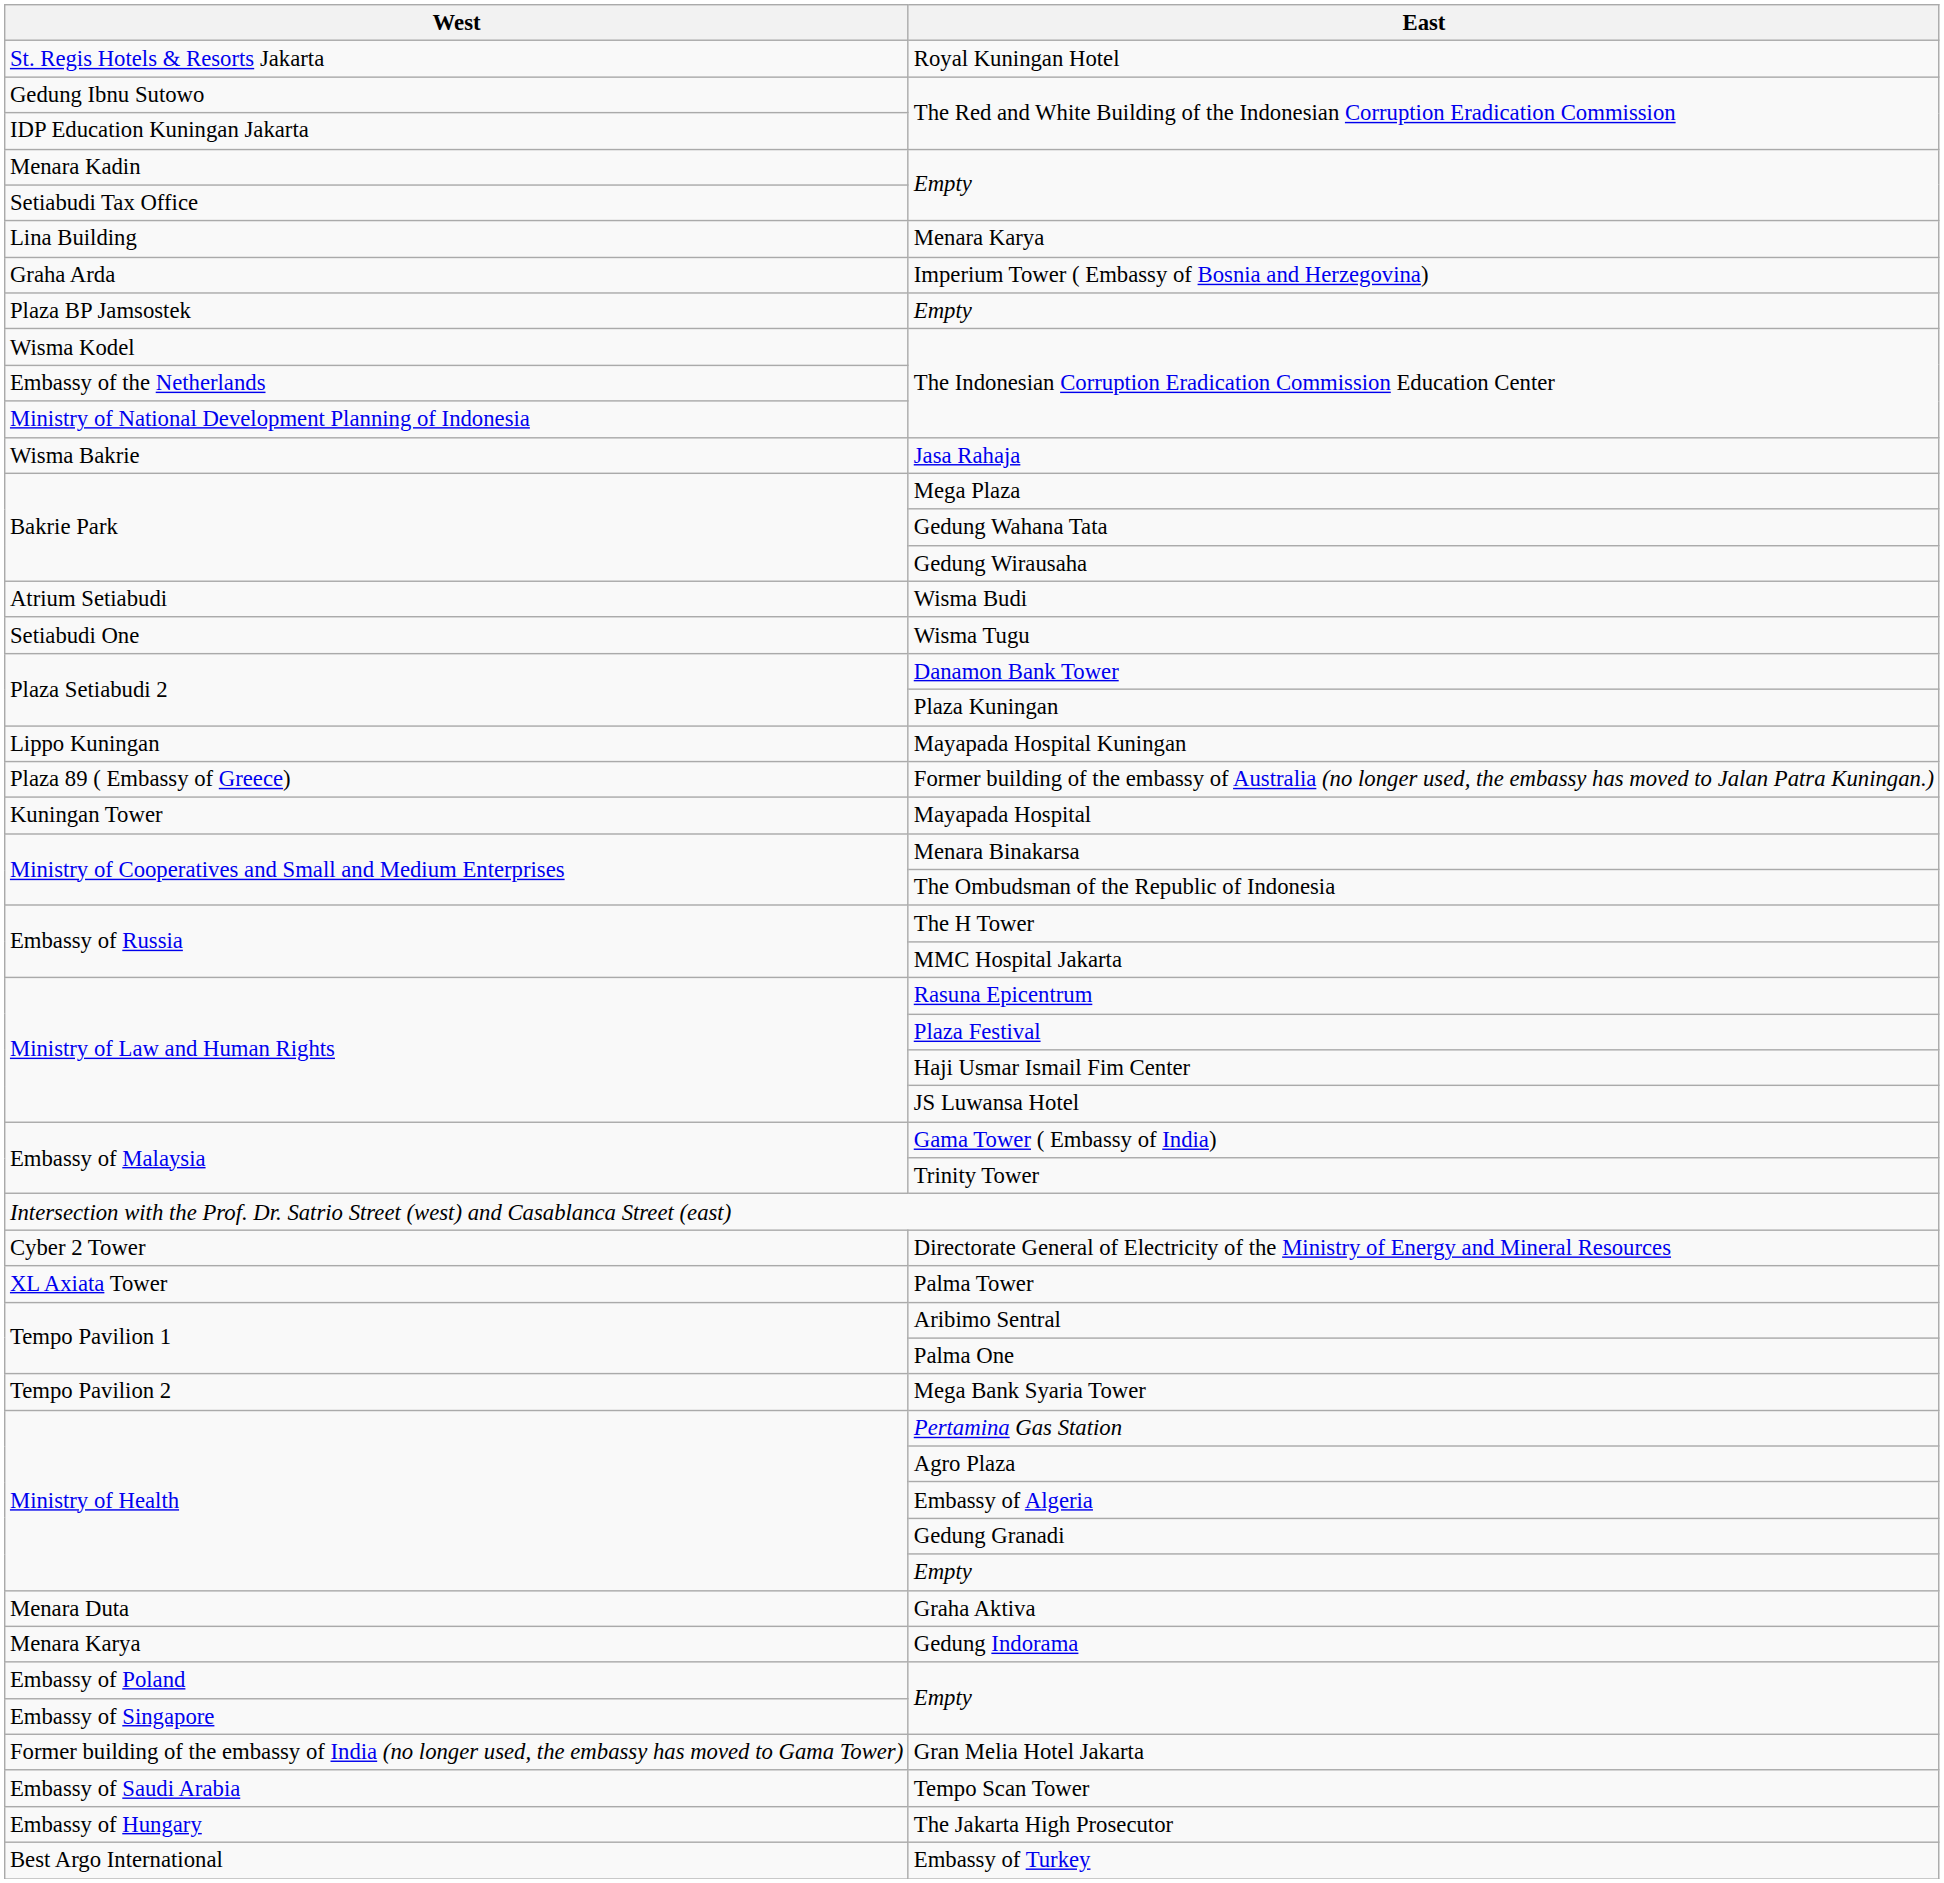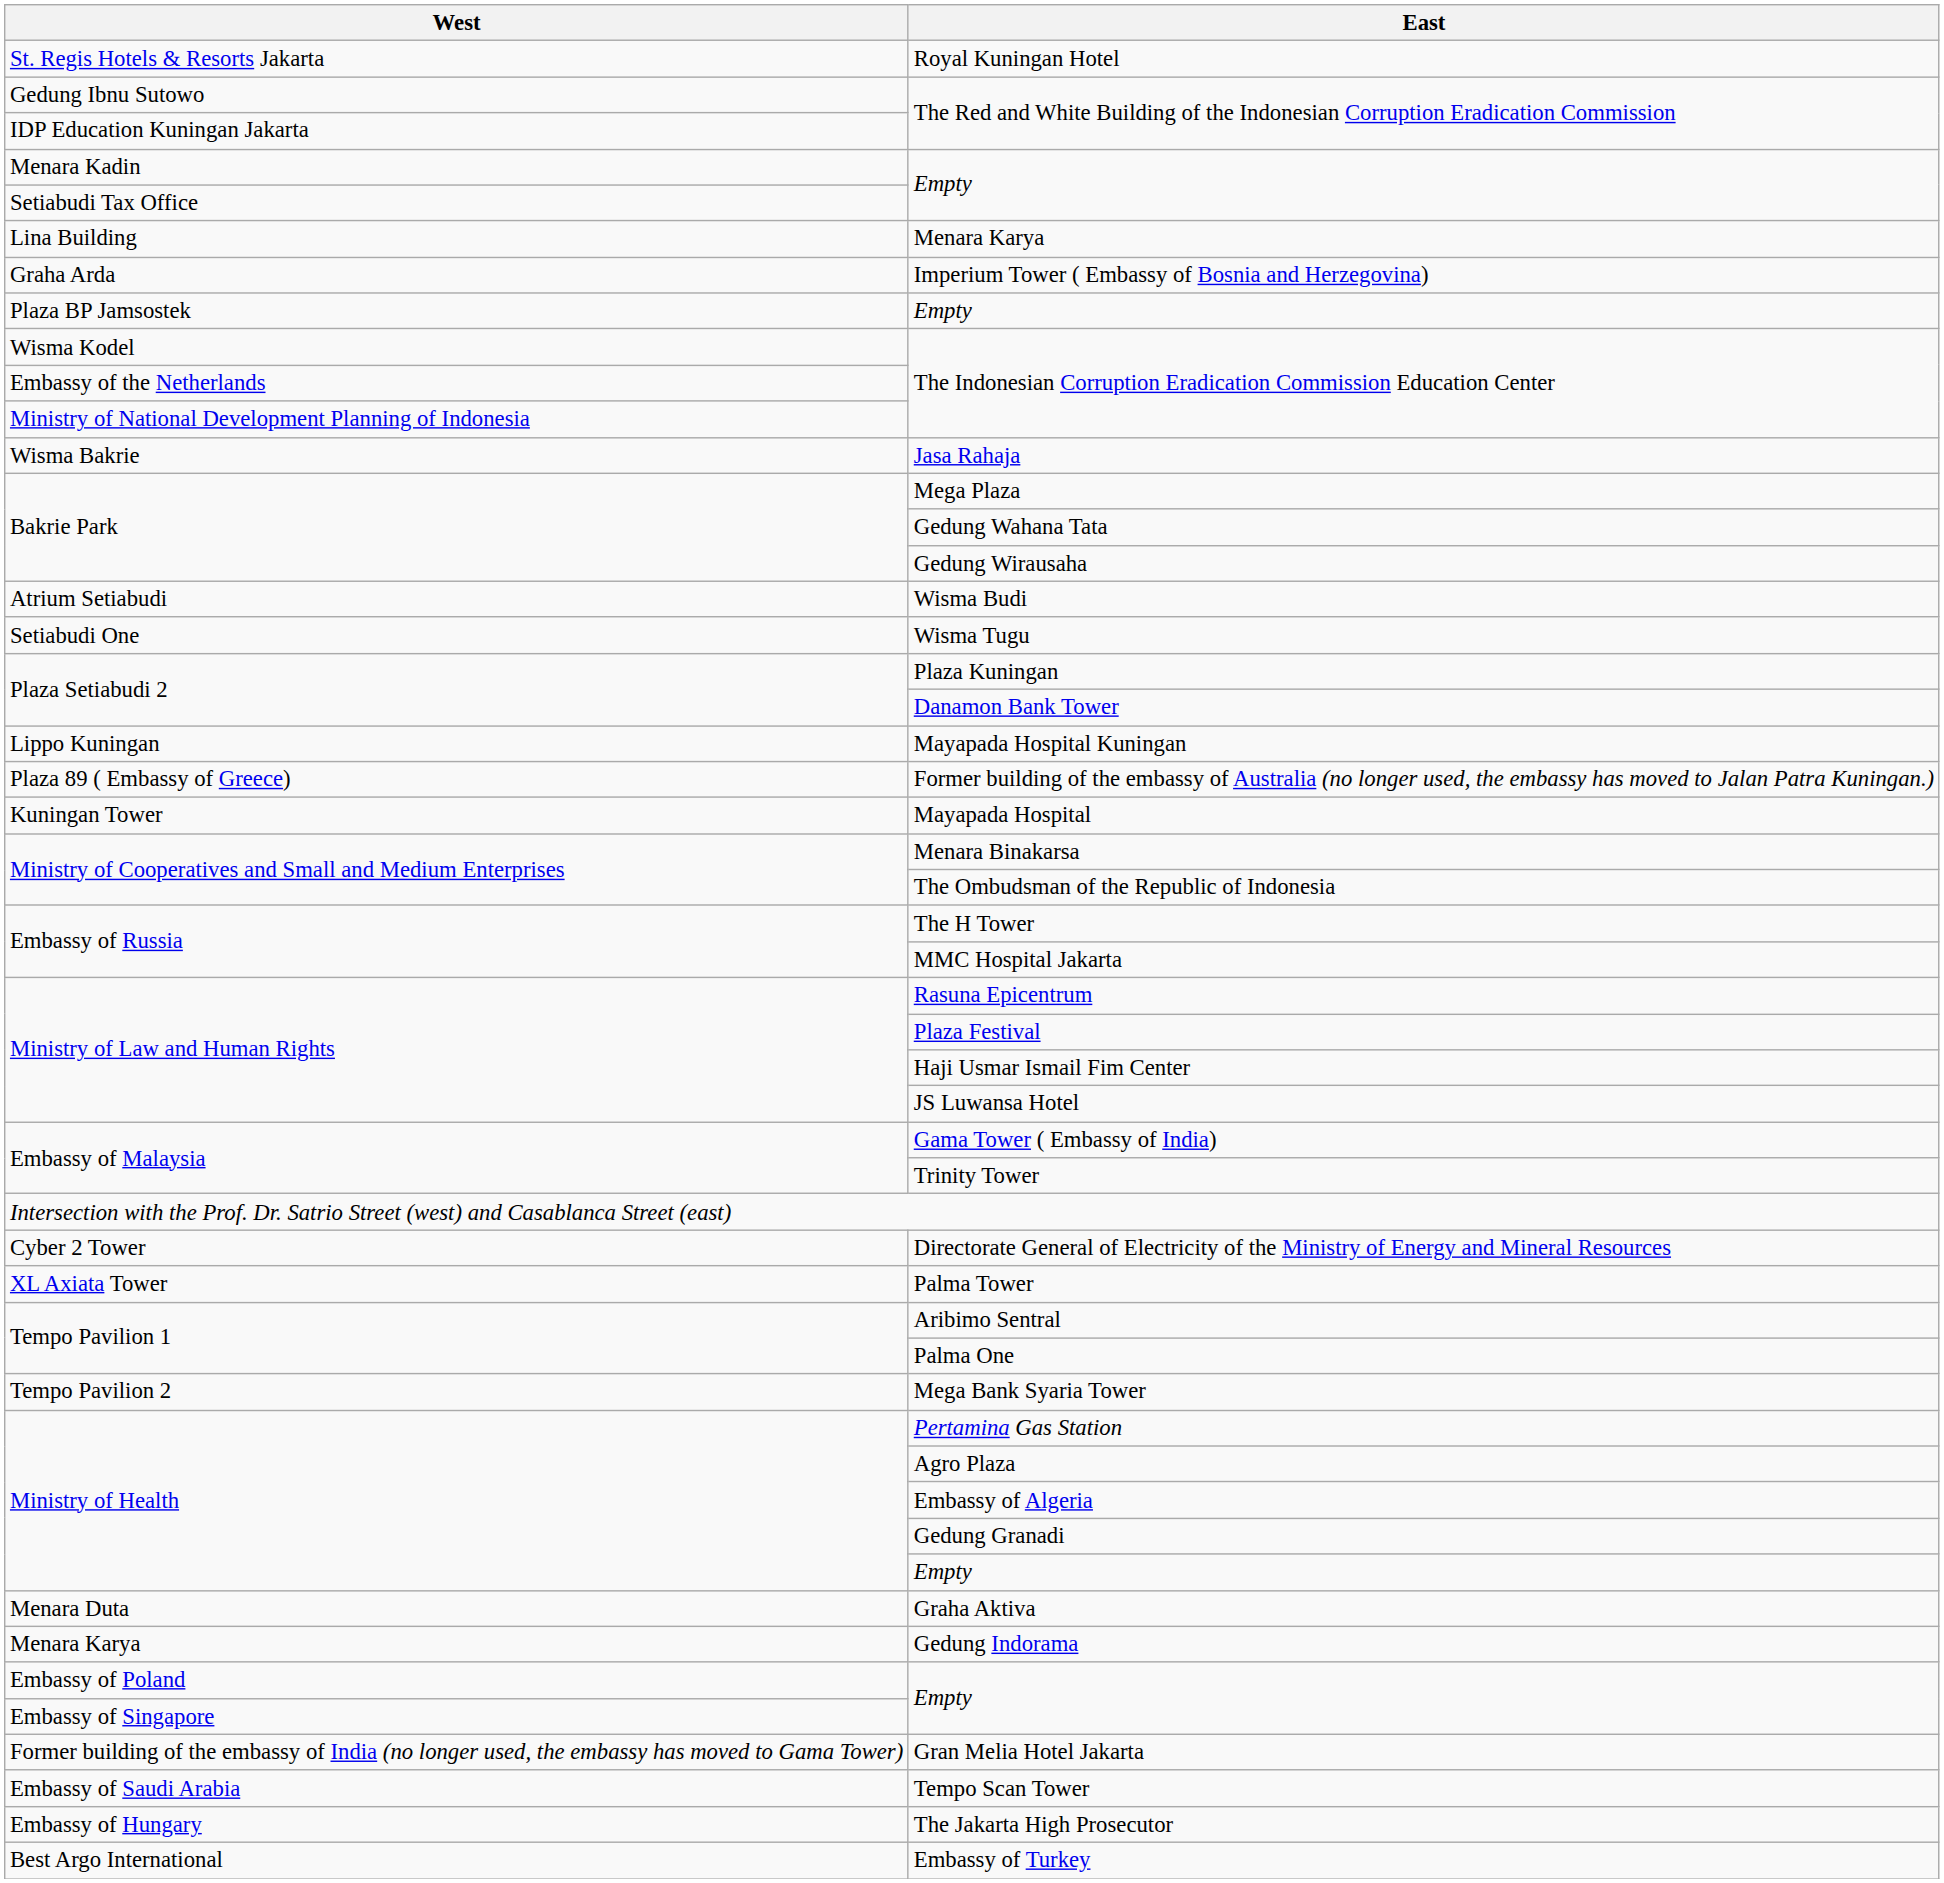 <table class="wikitable">
 <tr>
 <th>West</th>
 <th>East</th>
 </tr>
 <tr>
 <td><a href='#'>St. Regis Hotels & Resorts</a> Jakarta</td>
 <td>Royal Kuningan Hotel</td>
 </tr>
 <tr>
 <td>Gedung Ibnu Sutowo</td>
 <td rowspan="2">The Red and White Building of the Indonesian <a href='#'>Corruption Eradication Commission</a></td>
 </tr>
 <tr>
 <td>IDP Education Kuningan Jakarta</td>
 </tr>
 <tr>
 <td>Menara Kadin</td>
 <td rowspan="2"><em>Empty</em></td>
 </tr>
 <tr>
 <td>Setiabudi Tax Office</td>
 </tr>
 <tr>
 <td>Lina Building</td>
 <td>Menara Karya</td>
 </tr>
 <tr>
 <td>Graha Arda</td>
 <td>Imperium Tower ( Embassy of <a href='#'>Bosnia and Herzegovina</a>)</td>
 </tr>
 <tr>
 <td>Plaza BP Jamsostek</td>
 <td><em>Empty</em></td>
 </tr>
 <tr>
 <td>Wisma Kodel</td>
 <td rowspan="3">The Indonesian <a href='#'>Corruption Eradication Commission</a> Education Center</td>
 </tr>
 <tr>
 <td> Embassy of the <a href='#'>Netherlands</a></td>
 </tr>
 <tr>
 <td><a href='#'>Ministry of National Development Planning of Indonesia</a></td>
 </tr>
 <tr>
 <td>Wisma Bakrie</td>
 <td><a href='#'>Jasa Rahaja</a></td>
 </tr>
 <tr>
 <td rowspan="3">Bakrie Park</td>
 <td>Mega Plaza</td>
 </tr>
 <tr>
 <td>Gedung Wahana Tata</td>
 </tr>
 <tr>
 <td>Gedung Wirausaha</td>
 </tr>
 <tr>
 <td>Atrium Setiabudi</td>
 <td>Wisma Budi</td>
 </tr>
 <tr>
 <td>Setiabudi One</td>
 <td>Wisma Tugu</td>
 </tr>
 <tr>
 <td rowspan="2">Plaza Setiabudi 2</td>
-<td><a href='#'>Danamon Bank Tower</a></td>
+<td>Plaza Kuningan</td>
 </tr>
 <tr>
-<td>Plaza Kuningan</td>
+<td><a href='#'>Danamon Bank Tower</a></td>
 </tr>
 <tr>
 <td>Lippo Kuningan</td>
 <td>Mayapada Hospital Kuningan</td>
 </tr>
 <tr>
 <td>Plaza 89 ( Embassy of <a href='#'>Greece</a>)</td>
 <td> Former building of the embassy of <a href='#'>Australia</a> <em>(no longer used, the embassy has moved to Jalan Patra Kuningan.)</em></td>
 </tr>
 <tr>
 <td>Kuningan Tower</td>
 <td>Mayapada Hospital</td>
 </tr>
 <tr>
 <td rowspan="2"><a href='#'>Ministry of Cooperatives and Small and Medium Enterprises</a></td>
 <td>Menara Binakarsa</td>
 </tr>
 <tr>
 <td>The Ombudsman of the Republic of Indonesia</td>
 </tr>
 <tr>
 <td rowspan="2"> Embassy of <a href='#'>Russia</a></td>
 <td>The H Tower</td>
 </tr>
 <tr>
 <td>MMC Hospital Jakarta</td>
 </tr>
 <tr>
 <td rowspan="4"><a href='#'>Ministry of Law and Human Rights</a></td>
 <td><a href='#'>Rasuna Epicentrum</a></td>
 </tr>
 <tr>
 <td><a href='#'>Plaza Festival</a></td>
 </tr>
 <tr>
 <td>Haji Usmar Ismail Fim Center</td>
 </tr>
 <tr>
 <td>JS Luwansa Hotel</td>
 </tr>
 <tr>
 <td rowspan="2"> Embassy of <a href='#'>Malaysia</a></td>
 <td><a href='#'>Gama Tower</a> ( Embassy of <a href='#'>India</a>)</td>
 </tr>
 <tr>
 <td>Trinity Tower</td>
 </tr>
 <tr>
 <td colspan="2"><em>Intersection with the Prof. Dr. Satrio Street (west) and Casablanca Street (east)</em></td>
 </tr>
 <tr>
 <td>Cyber 2 Tower</td>
 <td>Directorate General of Electricity of the <a href='#'>Ministry of Energy and Mineral Resources</a></td>
 </tr>
 <tr>
 <td><a href='#'>XL Axiata</a> Tower</td>
 <td>Palma Tower</td>
 </tr>
 <tr>
 <td rowspan="2">Tempo Pavilion 1</td>
 <td>Aribimo Sentral</td>
 </tr>
 <tr>
 <td>Palma One</td>
 </tr>
 <tr>
 <td>Tempo Pavilion 2</td>
 <td>Mega Bank Syaria Tower</td>
 </tr>
 <tr>
 <td rowspan="5"><a href='#'>Ministry of Health</a></td>
 <td><em><a href='#'>Pertamina</a> Gas Station</em></td>
 </tr>
 <tr>
 <td>Agro Plaza</td>
 </tr>
 <tr>
 <td> Embassy of <a href='#'>Algeria</a></td>
 </tr>
 <tr>
 <td>Gedung Granadi</td>
 </tr>
 <tr>
 <td><em>Empty</em></td>
 </tr>
 <tr>
 <td>Menara Duta</td>
 <td>Graha Aktiva</td>
 </tr>
 <tr>
 <td>Menara Karya</td>
 <td>Gedung <a href='#'>Indorama</a></td>
 </tr>
 <tr>
 <td> Embassy of <a href='#'>Poland</a></td>
 <td rowspan="2"><em>Empty</em></td>
 </tr>
 <tr>
 <td> Embassy of <a href='#'>Singapore</a></td>
 </tr>
 <tr>
 <td> Former building of the embassy of <a href='#'>India</a> <em>(no longer used, the embassy has moved to Gama Tower)</em></td>
 <td>Gran Melia Hotel Jakarta</td>
 </tr>
 <tr>
 <td> Embassy of <a href='#'>Saudi Arabia</a></td>
 <td>Tempo Scan Tower</td>
 </tr>
 <tr>
 <td> Embassy of <a href='#'>Hungary</a></td>
 <td>The Jakarta High Prosecutor</td>
 </tr>
 <tr>
 <td>Best Argo International</td>
 <td> Embassy of <a href='#'>Turkey</a></td>
 </tr>
 </table>
